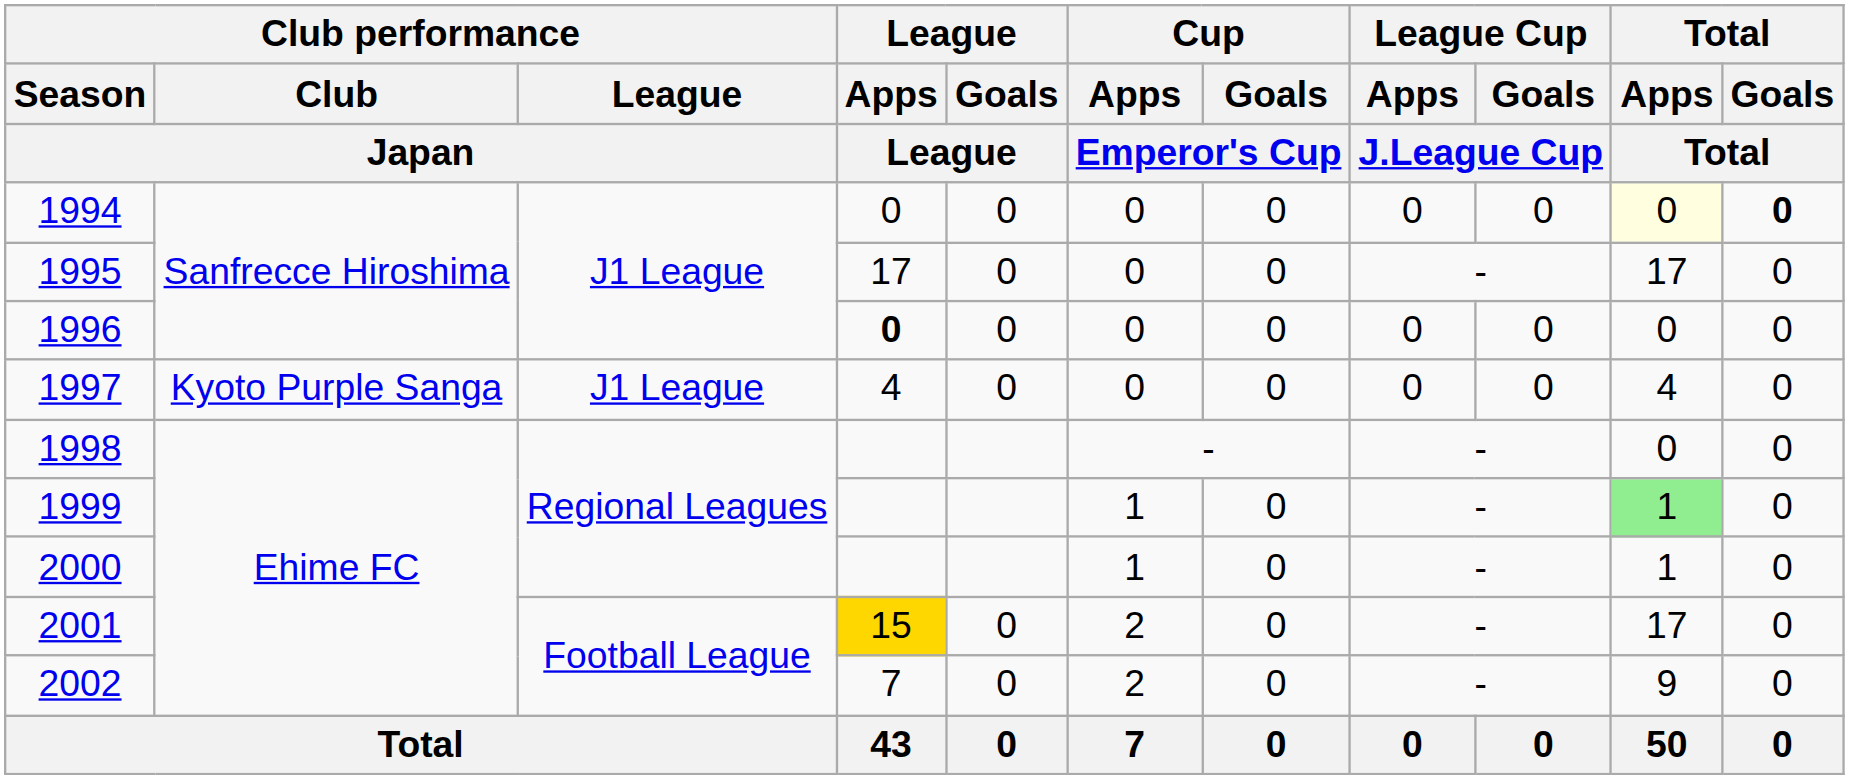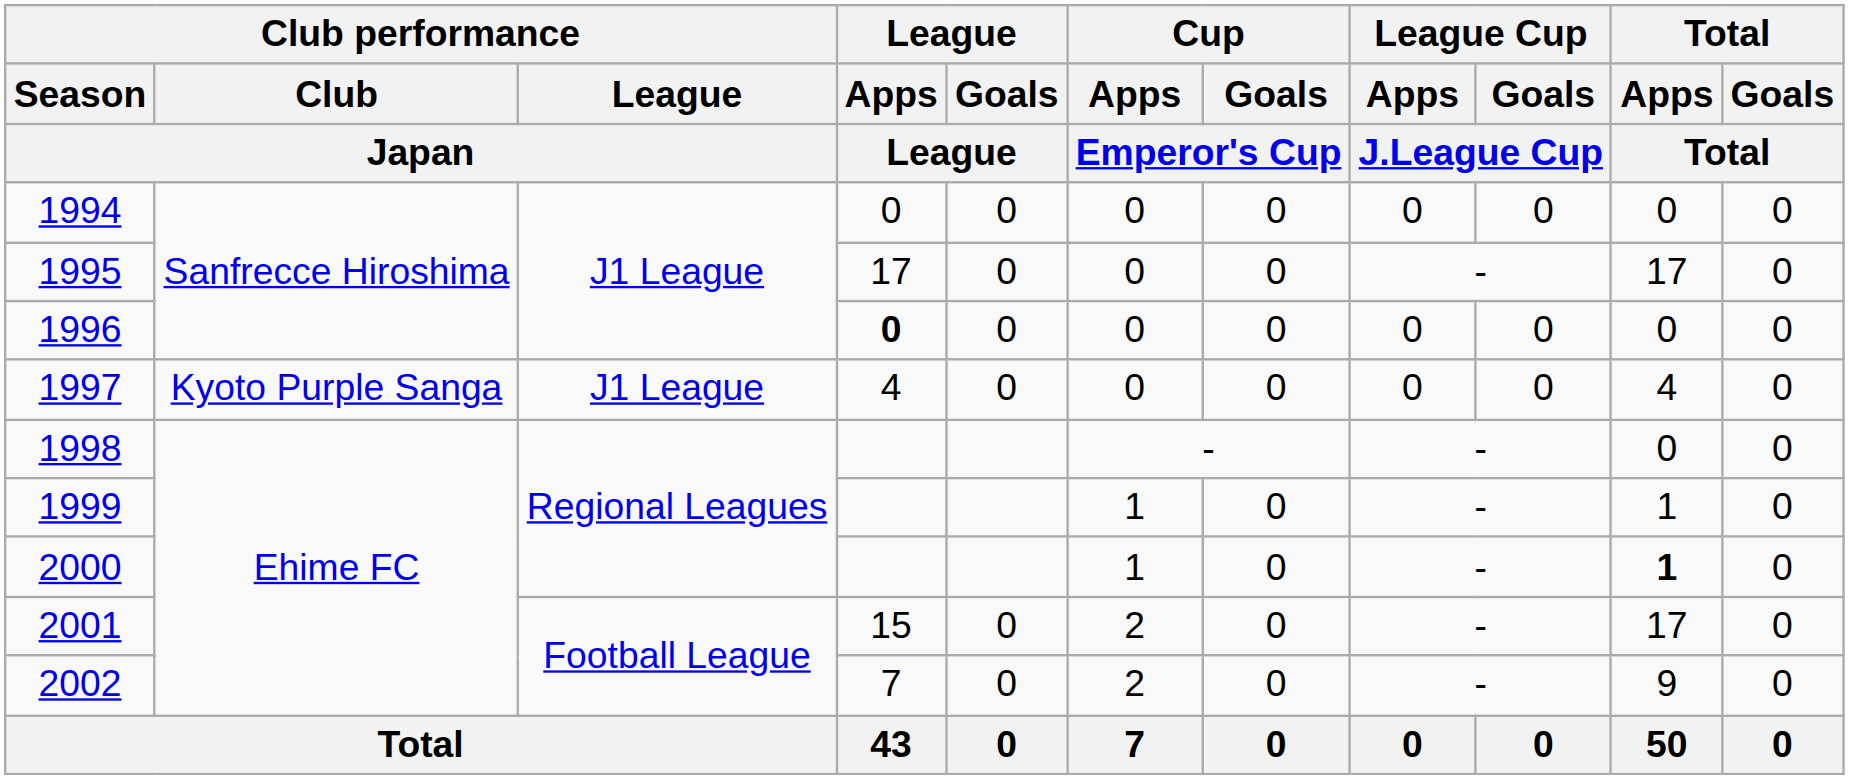 <table class="wikitable" style="text-align:center;">
 <tr>
 <th colspan=3>Club performance</th>
 <th colspan=2>League</th>
 <th colspan=2>Cup</th>
 <th colspan=2>League Cup</th>
 <th colspan=2>Total</th>
 </tr>
 <tr>
 <th>Season</th>
 <th>Club</th>
 <th>League</th>
 <th>Apps</th>
 <th>Goals</th>
 <th>Apps</th>
 <th>Goals</th>
 <th>Apps</th>
 <th>Goals</th>
 <th>Apps</th>
 <th>Goals</th>
 </tr>
 <tr>
 <th colspan=3>Japan</th>
 <th colspan=2>League</th>
 <th colspan=2><a href='#'>Emperor's Cup</a></th>
 <th colspan=2><a href='#'>J.League Cup</a></th>
 <th colspan=2>Total</th>
 </tr>
 <tr>
 <td><a href='#'>1994</a></td>
 <td rowspan="3"><a href='#'>Sanfrecce Hiroshima</a></td>
 <td rowspan="3"><a href='#'>J1 League</a></td>
 <td>0</td>
 <td>0</td>
 <td>0</td>
 <td>0</td>
 <td>0</td>
 <td>0</td>
-<td style="background: lightyellow;">0</td>
-<td><strong>0</strong></td>
+<td>0</td>
+<td>0</td>
 </tr>
 <tr>
 <td><a href='#'>1995</a></td>
 <td>17</td>
 <td>0</td>
 <td>0</td>
 <td>0</td>
 <td colspan="2">-</td>
 <td>17</td>
 <td>0</td>
 </tr>
 <tr>
 <td><a href='#'>1996</a></td>
 <td><strong>0</strong></td>
 <td>0</td>
 <td>0</td>
 <td>0</td>
 <td>0</td>
 <td>0</td>
 <td>0</td>
 <td>0</td>
 </tr>
 <tr>
 <td><a href='#'>1997</a></td>
 <td><a href='#'>Kyoto Purple Sanga</a></td>
 <td><a href='#'>J1 League</a></td>
 <td>4</td>
 <td>0</td>
 <td>0</td>
 <td>0</td>
 <td>0</td>
 <td>0</td>
 <td>4</td>
 <td>0</td>
 </tr>
 <tr>
 <td><a href='#'>1998</a></td>
 <td rowspan="5"><a href='#'>Ehime FC</a></td>
 <td rowspan="3"><a href='#'>Regional Leagues</a></td>
 <td></td>
 <td></td>
 <td colspan="2">-</td>
 <td colspan="2">-</td>
 <td>0</td>
 <td>0</td>
 </tr>
 <tr>
 <td><a href='#'>1999</a></td>
 <td></td>
 <td></td>
 <td>1</td>
 <td>0</td>
 <td colspan="2">-</td>
-<td style="background: lightgreen;">1</td>
+<td>1</td>
 <td>0</td>
 </tr>
 <tr>
 <td><a href='#'>2000</a></td>
 <td></td>
 <td></td>
 <td>1</td>
 <td>0</td>
 <td colspan="2">-</td>
-<td>1</td>
+<td><strong>1</strong></td>
 <td>0</td>
 </tr>
 <tr>
 <td><a href='#'>2001</a></td>
 <td rowspan="2"><a href='#'>Football League</a></td>
-<td style="background: gold;">15</td>
+<td>15</td>
 <td>0</td>
 <td>2</td>
 <td>0</td>
 <td colspan="2">-</td>
 <td>17</td>
 <td>0</td>
 </tr>
 <tr>
 <td><a href='#'>2002</a></td>
 <td>7</td>
 <td>0</td>
 <td>2</td>
 <td>0</td>
 <td colspan="2">-</td>
 <td>9</td>
 <td>0</td>
 </tr>
 <tr>
 <th colspan=3>Total</th>
 <th>43</th>
 <th>0</th>
 <th>7</th>
 <th>0</th>
 <th>0</th>
 <th>0</th>
 <th>50</th>
 <th>0</th>
 </tr>
 </table>
